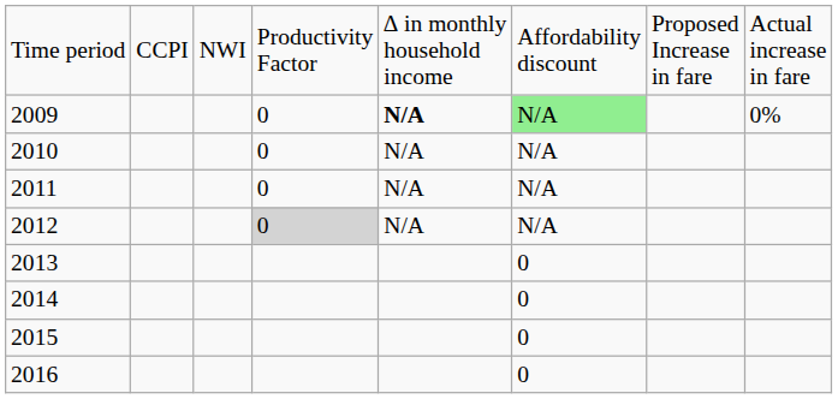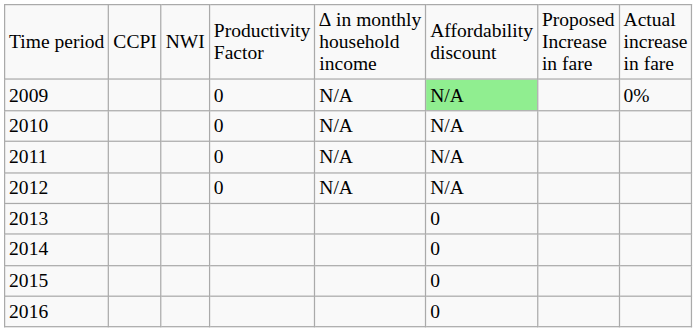 <table class="wikitable">
 <tr>
 <td>Time  period</td>
 <td>CCPI</td>
 <td>NWI</td>
 <td>Productivity<br>Factor</td>
 <td>∆ in monthly<br>household<br>income</td>
 <td>Affordability<br>discount</td>
 <td>Proposed<br>Increase<br>in fare</td>
 <td>Actual<br>increase<br>in fare</td>
 </tr>
 <tr>
 <td>2009</td>
 <td></td>
 <td></td>
 <td>0</td>
-<td><strong>N/A</strong></td>
+<td>N/A</td>
 <td style="background: lightgreen;">N/A</td>
 <td></td>
 <td>0%</td>
 </tr>
 <tr>
 <td>2010</td>
 <td></td>
 <td></td>
 <td>0</td>
 <td>N/A</td>
 <td>N/A</td>
 <td></td>
 <td></td>
 </tr>
 <tr>
 <td>2011</td>
 <td></td>
 <td></td>
 <td>0</td>
 <td>N/A</td>
 <td>N/A</td>
 <td></td>
 <td></td>
 </tr>
 <tr>
 <td>2012</td>
 <td></td>
 <td></td>
-<td style="background: lightgrey;">0</td>
+<td>0</td>
 <td>N/A</td>
 <td>N/A</td>
 <td></td>
 <td></td>
 </tr>
 <tr>
 <td>2013</td>
 <td></td>
 <td></td>
 <td></td>
 <td></td>
 <td>0</td>
 <td></td>
 <td></td>
 </tr>
 <tr>
 <td>2014</td>
 <td></td>
 <td></td>
 <td></td>
 <td></td>
 <td>0</td>
 <td></td>
 <td></td>
 </tr>
 <tr>
 <td>2015</td>
 <td></td>
 <td></td>
 <td></td>
 <td></td>
 <td>0</td>
 <td></td>
 <td></td>
 </tr>
 <tr>
 <td>2016</td>
 <td></td>
 <td></td>
 <td></td>
 <td></td>
 <td>0</td>
 <td></td>
 <td></td>
 </tr>
 </table>
